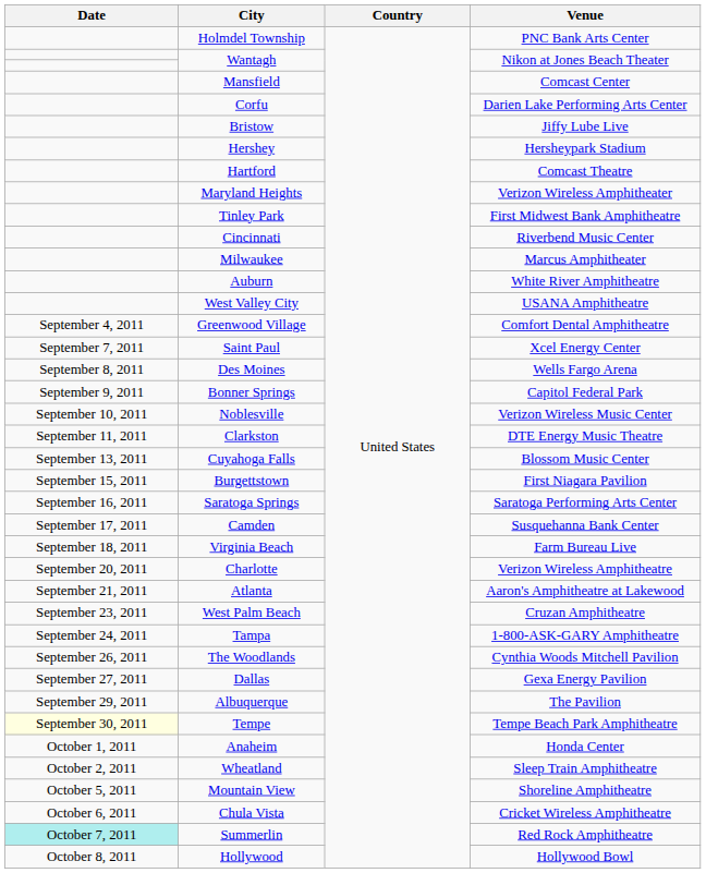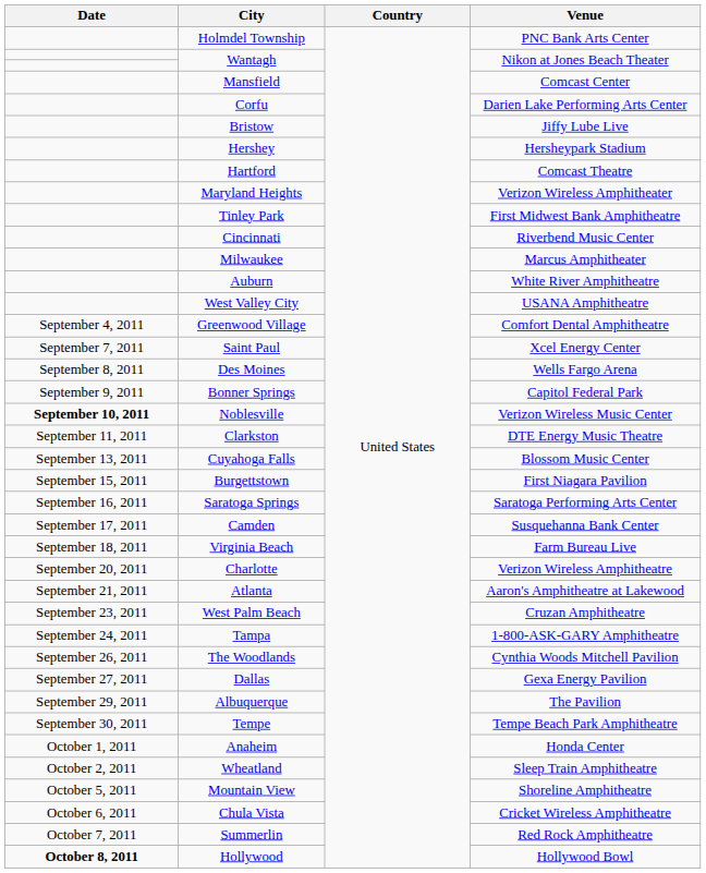 <table class="wikitable plainrowheaders" style="text-align:center;">
 <tr>
 <th scope="col" style="width:12em;">Date</th>
 <th scope="col" style="width:10em;">City</th>
 <th scope="col" style="width:10em;">Country</th>
 <th scope="col" style="width:16em;">Venue</th>
 </tr>
 <tr>
 <td></td>
 <td><a href='#'>Holmdel Township</a></td>
 <td rowspan="40">United States</td>
 <td><a href='#'>PNC Bank Arts Center</a></td>
 </tr>
 <tr>
 <td></td>
 <td rowspan="2"><a href='#'>Wantagh</a></td>
 <td rowspan="2"><a href='#'>Nikon at Jones Beach Theater</a></td>
 </tr>
 <tr>
 <td></td>
 </tr>
 <tr>
 <td></td>
 <td><a href='#'>Mansfield</a></td>
 <td><a href='#'>Comcast Center</a></td>
 </tr>
 <tr>
 <td></td>
 <td><a href='#'>Corfu</a></td>
 <td><a href='#'>Darien Lake Performing Arts Center</a></td>
 </tr>
 <tr>
 <td></td>
 <td><a href='#'>Bristow</a></td>
 <td><a href='#'>Jiffy Lube Live</a></td>
 </tr>
 <tr>
 <td></td>
 <td><a href='#'>Hershey</a></td>
 <td><a href='#'>Hersheypark Stadium</a></td>
 </tr>
 <tr>
 <td></td>
 <td><a href='#'>Hartford</a></td>
 <td><a href='#'>Comcast Theatre</a></td>
 </tr>
 <tr>
 <td></td>
 <td><a href='#'>Maryland Heights</a></td>
 <td><a href='#'>Verizon Wireless Amphitheater</a></td>
 </tr>
 <tr>
 <td></td>
 <td><a href='#'>Tinley Park</a></td>
 <td><a href='#'>First Midwest Bank Amphitheatre</a></td>
 </tr>
 <tr>
 <td></td>
 <td><a href='#'>Cincinnati</a></td>
 <td><a href='#'>Riverbend Music Center</a></td>
 </tr>
 <tr>
 <td></td>
 <td><a href='#'>Milwaukee</a></td>
 <td><a href='#'>Marcus Amphitheater</a></td>
 </tr>
 <tr>
 <td></td>
 <td><a href='#'>Auburn</a></td>
 <td><a href='#'>White River Amphitheatre</a></td>
 </tr>
 <tr>
 <td></td>
 <td><a href='#'>West Valley City</a></td>
 <td><a href='#'>USANA Amphitheatre</a></td>
 </tr>
 <tr>
 <td>September 4, 2011</td>
 <td><a href='#'>Greenwood Village</a></td>
 <td><a href='#'>Comfort Dental Amphitheatre</a></td>
 </tr>
 <tr>
 <td>September 7, 2011</td>
 <td><a href='#'>Saint Paul</a></td>
 <td><a href='#'>Xcel Energy Center</a></td>
 </tr>
 <tr>
 <td>September 8, 2011</td>
 <td><a href='#'>Des Moines</a></td>
 <td><a href='#'>Wells Fargo Arena</a></td>
 </tr>
 <tr>
 <td>September 9, 2011</td>
 <td><a href='#'>Bonner Springs</a></td>
 <td><a href='#'>Capitol Federal Park</a></td>
 </tr>
 <tr>
-<td>September 10, 2011</td>
+<td><strong>September 10, 2011</strong></td>
 <td><a href='#'>Noblesville</a></td>
 <td><a href='#'>Verizon Wireless Music Center</a></td>
 </tr>
 <tr>
 <td>September 11, 2011</td>
 <td><a href='#'>Clarkston</a></td>
 <td><a href='#'>DTE Energy Music Theatre</a></td>
 </tr>
 <tr>
 <td>September 13, 2011</td>
 <td><a href='#'>Cuyahoga Falls</a></td>
 <td><a href='#'>Blossom Music Center</a></td>
 </tr>
 <tr>
 <td>September 15, 2011</td>
 <td><a href='#'>Burgettstown</a></td>
 <td><a href='#'>First Niagara Pavilion</a></td>
 </tr>
 <tr>
 <td>September 16, 2011</td>
 <td><a href='#'>Saratoga Springs</a></td>
 <td><a href='#'>Saratoga Performing Arts Center</a></td>
 </tr>
 <tr>
 <td>September 17, 2011</td>
 <td><a href='#'>Camden</a></td>
 <td><a href='#'>Susquehanna Bank Center</a></td>
 </tr>
 <tr>
 <td>September 18, 2011</td>
 <td><a href='#'>Virginia Beach</a></td>
 <td><a href='#'>Farm Bureau Live</a></td>
 </tr>
 <tr>
 <td>September 20, 2011</td>
 <td><a href='#'>Charlotte</a></td>
 <td><a href='#'>Verizon Wireless Amphitheatre</a></td>
 </tr>
 <tr>
 <td>September 21, 2011</td>
 <td><a href='#'>Atlanta</a></td>
 <td><a href='#'>Aaron's Amphitheatre at Lakewood</a></td>
 </tr>
 <tr>
 <td>September 23, 2011</td>
 <td><a href='#'>West Palm Beach</a></td>
 <td><a href='#'>Cruzan Amphitheatre</a></td>
 </tr>
 <tr>
 <td>September 24, 2011</td>
 <td><a href='#'>Tampa</a></td>
 <td><a href='#'>1-800-ASK-GARY Amphitheatre</a></td>
 </tr>
 <tr>
 <td>September 26, 2011</td>
 <td><a href='#'>The Woodlands</a></td>
 <td><a href='#'>Cynthia Woods Mitchell Pavilion</a></td>
 </tr>
 <tr>
 <td>September 27, 2011</td>
 <td><a href='#'>Dallas</a></td>
 <td><a href='#'>Gexa Energy Pavilion</a></td>
 </tr>
 <tr>
 <td>September 29, 2011</td>
 <td><a href='#'>Albuquerque</a></td>
 <td><a href='#'>The Pavilion</a></td>
 </tr>
 <tr>
-<td style="background: lightyellow;">September 30, 2011</td>
+<td>September 30, 2011</td>
 <td><a href='#'>Tempe</a></td>
 <td><a href='#'>Tempe Beach Park Amphitheatre</a></td>
 </tr>
 <tr>
 <td>October 1, 2011</td>
 <td><a href='#'>Anaheim</a></td>
 <td><a href='#'>Honda Center</a></td>
 </tr>
 <tr>
 <td>October 2, 2011</td>
 <td><a href='#'>Wheatland</a></td>
 <td><a href='#'>Sleep Train Amphitheatre</a></td>
 </tr>
 <tr>
 <td>October 5, 2011</td>
 <td><a href='#'>Mountain View</a></td>
 <td><a href='#'>Shoreline Amphitheatre</a></td>
 </tr>
 <tr>
 <td>October 6, 2011</td>
 <td><a href='#'>Chula Vista</a></td>
 <td><a href='#'>Cricket Wireless Amphitheatre</a></td>
 </tr>
 <tr>
-<td style="background: paleturquoise;">October 7, 2011</td>
+<td>October 7, 2011</td>
 <td><a href='#'>Summerlin</a></td>
 <td><a href='#'>Red Rock Amphitheatre</a></td>
 </tr>
 <tr>
-<td>October 8, 2011</td>
+<td><strong>October 8, 2011</strong></td>
 <td><a href='#'>Hollywood</a></td>
 <td><a href='#'>Hollywood Bowl</a></td>
 </tr>
 </table>
